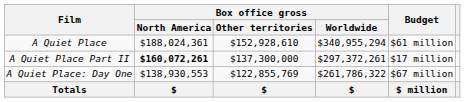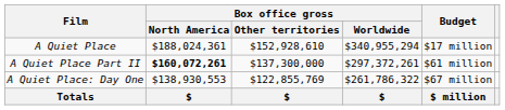 <table class="wikitable" style="text-align:center;">
 <tr>
 <th rowspan="2">Film</th>
 <th colspan="3">Box office gross</th>
 <th rowspan="2">Budget</th>
 <th rowspan="2"></th>
 </tr>
 <tr>
 <th>North America</th>
 <th>Other territories</th>
 <th>Worldwide</th>
 </tr>
 <tr>
 <td><em>A Quiet Place</em></td>
 <td>$188,024,361</td>
 <td>$152,928,610</td>
 <td>$340,955,294</td>
-<td>$61 million</td>
+<td>$17 million</td>
 <td></td>
 </tr>
 <tr>
 <td><em>A Quiet Place Part II</em></td>
 <td><strong>$160,072,261</strong></td>
 <td>$137,300,000</td>
 <td>$297,372,261</td>
-<td>$17 million</td>
+<td>$61 million</td>
 <td></td>
 </tr>
 <tr>
 <td><em>A Quiet Place: Day One</em></td>
 <td>$138,930,553</td>
 <td>$122,855,769</td>
 <td>$261,786,322</td>
 <td>$67 million</td>
 <td></td>
 </tr>
 <tr>
 <th>Totals</th>
 <th>$</th>
 <th>$</th>
 <th>$</th>
 <th>$ million</th>
 <th></th>
 </tr>
 </table>
